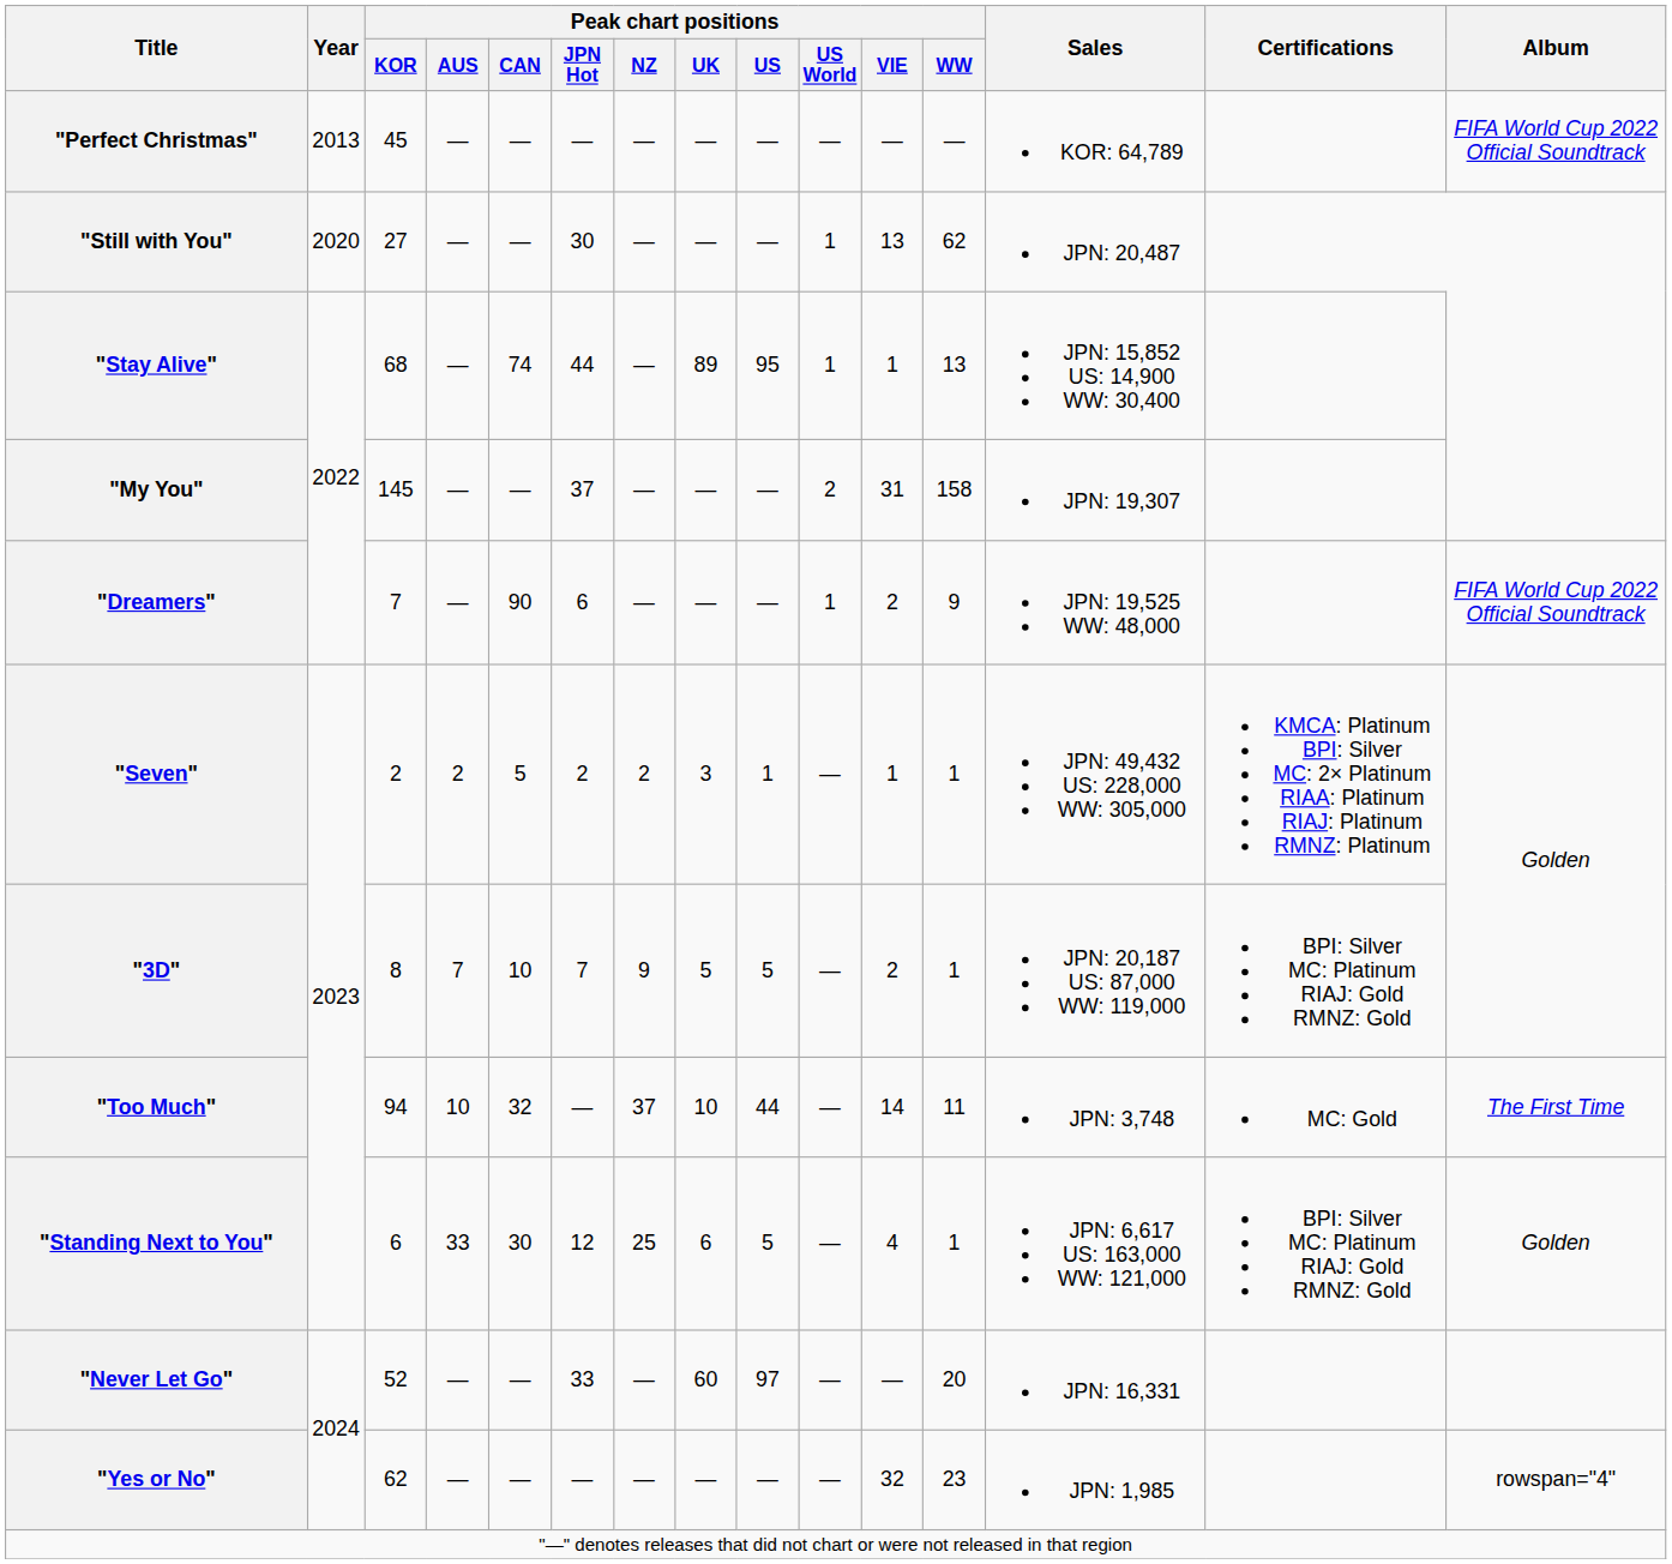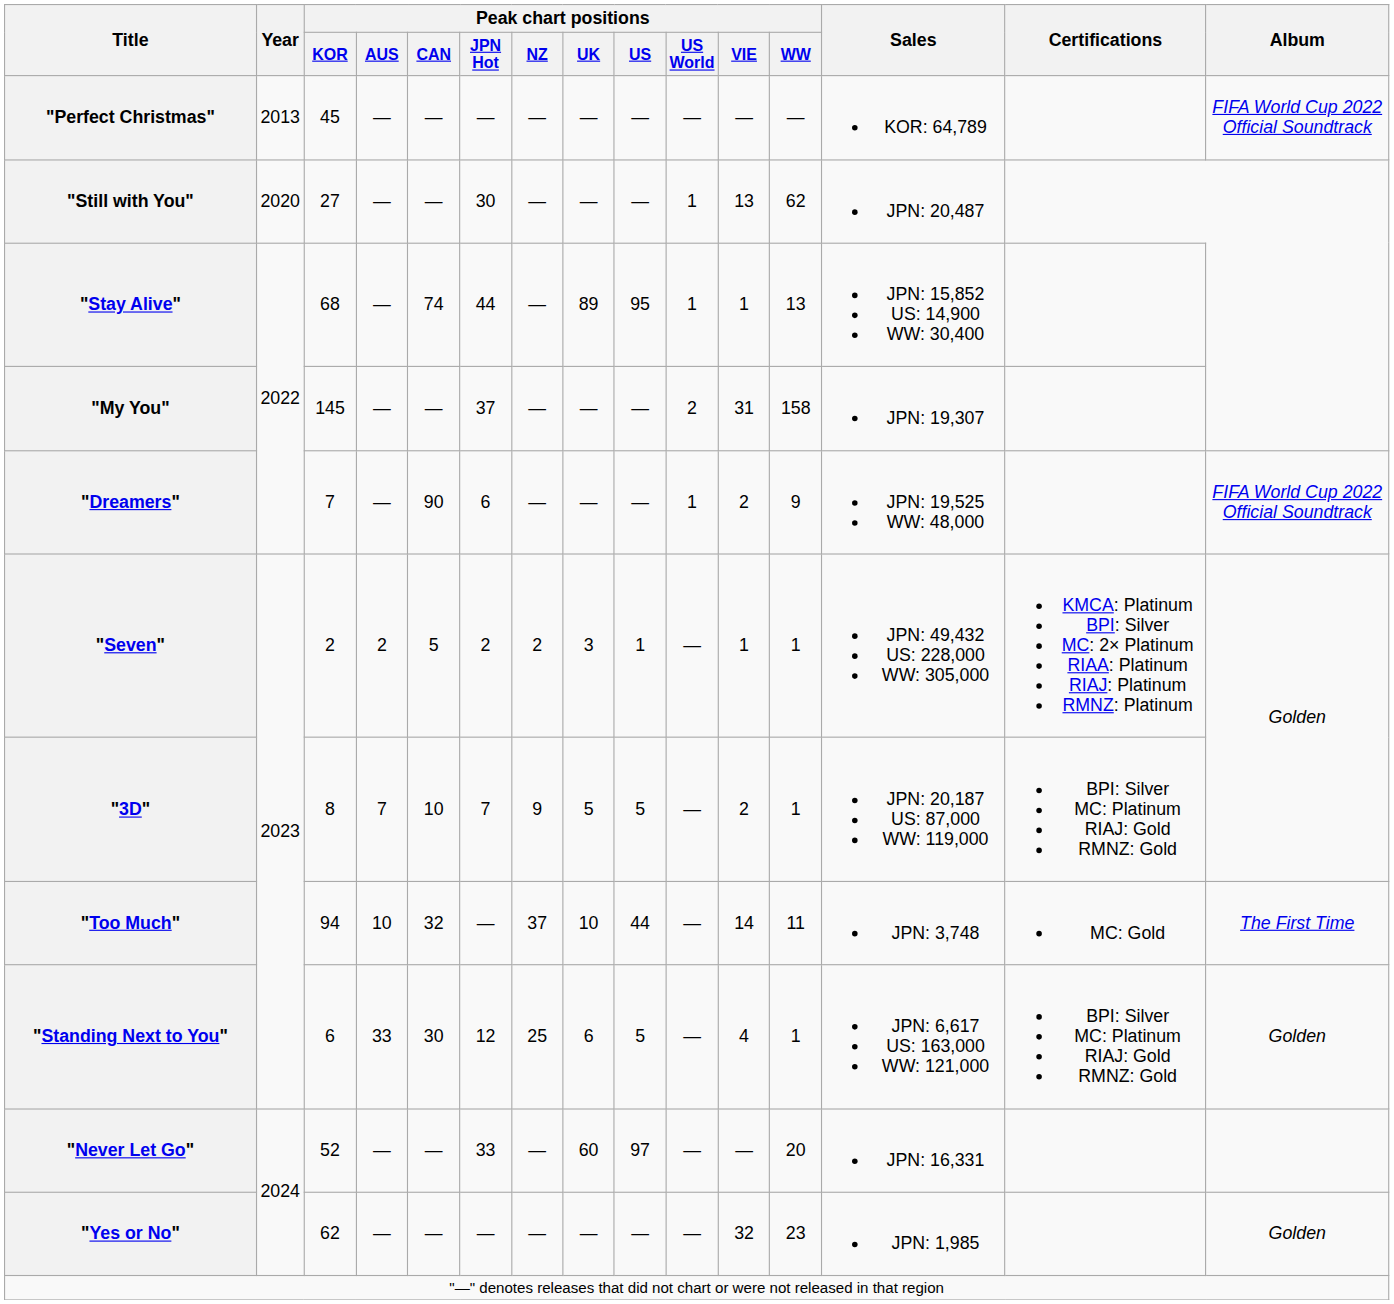 <table class="wikitable plainrowheaders" style="text-align:center;" border="1">
 <tr>
 <th scope="col" rowspan="2" style="width:14em;">Title</th>
 <th scope="col" rowspan="2" style="width:1em;">Year</th>
 <th scope="col" colspan="10">Peak chart positions</th>
 <th scope="col" rowspan="2" style="width:10em;">Sales</th>
 <th scope="col" rowspan="2" style="width:11em;">Certifications</th>
 <th scope="col" rowspan="2" style="width:10em;">Album</th>
 </tr>
 <tr>
 <th scope="col" style="width:2.8em;font-size:90%;"><a href='#'>KOR</a><br></th>
 <th scope="col" style="width:2.8em;font-size:90%;"><a href='#'>AUS</a><br></th>
 <th scope="col" style="width:2.8em;font-size:90%;"><a href='#'>CAN</a><br></th>
 <th scope="col" style="width:2.8em;font-size:90%;"><a href='#'>JPN<br>Hot</a><br></th>
 <th scope="col" style="width:2.8em;font-size:90%;"><a href='#'>NZ</a><br></th>
 <th scope="col" style="width:2.8em;font-size:90%;"><a href='#'>UK</a><br></th>
 <th scope="col" style="width:2.8em;font-size:90%;"><a href='#'>US</a><br></th>
 <th scope="col" style="width:2.8em;font-size:90%;"><a href='#'>US World</a><br></th>
 <th scope=col style="width:2.8em;font-size:90%;"><a href='#'>VIE</a><br></th>
 <th scope="col" style="width:2.8em;font-size:90%;"><a href='#'>WW</a><br></th>
 </tr>
 <tr>
 <th scope="row">"Perfect Christmas"<br></th>
 <td>2013</td>
 <td>45</td>
 <td>—</td>
 <td>—</td>
 <td>—</td>
 <td>—</td>
 <td>—</td>
 <td>—</td>
 <td>—</td>
 <td>—</td>
 <td>—</td>
 <td><br><ul><li>KOR: 64,789</li></ul></td>
 <td></td>
 <td><em><a href='#'>FIFA World Cup 2022 Official Soundtrack</a></em></td>
 </tr>
 <tr>
 <th scope="row">"Still with You"</th>
 <td>2020</td>
 <td>27</td>
 <td>—</td>
 <td>—</td>
 <td>30</td>
 <td>—</td>
 <td>—</td>
 <td>—</td>
 <td>1</td>
 <td>13</td>
 <td>62</td>
 <td><br><ul><li>JPN: 20,487</li></ul></td>
 </tr>
 <tr>
 <th scope="row">"<a href='#'>Stay Alive</a>"</th>
 <td rowspan="3">2022</td>
 <td>68</td>
 <td>—</td>
 <td>74</td>
 <td>44</td>
 <td>—</td>
 <td>89</td>
 <td>95</td>
 <td>1</td>
 <td>1</td>
 <td>13</td>
 <td><br><ul><li>JPN: 15,852</li><li>US: 14,900</li><li>WW: 30,400</li></ul></td>
 <td></td>
 </tr>
 <tr>
 <th scope="row">"My You"</th>
 <td>145</td>
 <td>—</td>
 <td>—</td>
 <td>37</td>
 <td>—</td>
 <td>—</td>
 <td>—</td>
 <td>2</td>
 <td>31</td>
 <td>158</td>
 <td><br><ul><li>JPN: 19,307</li></ul></td>
 <td></td>
 </tr>
 <tr>
 <th scope="row">"<a href='#'>Dreamers</a>"</th>
 <td>7</td>
 <td>—</td>
 <td>90</td>
 <td>6</td>
 <td>—</td>
 <td>—</td>
 <td>—</td>
 <td>1</td>
 <td>2</td>
 <td>9</td>
 <td><br><ul><li>JPN: 19,525</li><li>WW: 48,000</li></ul></td>
 <td></td>
 <td><em><a href='#'>FIFA World Cup 2022 Official Soundtrack</a></em></td>
 </tr>
 <tr>
 <th scope="row">"<a href='#'>Seven</a>"<br></th>
 <td rowspan="4">2023</td>
 <td>2</td>
 <td>2</td>
 <td>5</td>
 <td>2</td>
 <td>2</td>
 <td>3</td>
 <td>1</td>
 <td>—</td>
 <td>1</td>
 <td>1</td>
 <td><br><ul><li>JPN: 49,432</li><li>US: 228,000</li><li>WW: 305,000</li></ul></td>
 <td><br><ul><li><a href='#'>KMCA</a>: Platinum</li><li><a href='#'>BPI</a>: Silver</li><li><a href='#'>MC</a>: 2× Platinum</li><li><a href='#'>RIAA</a>: Platinum</li><li><a href='#'>RIAJ</a>: Platinum</li><li><a href='#'>RMNZ</a>: Platinum</li></ul></td>
 <td rowspan="2"><em>Golden</em></td>
 </tr>
 <tr>
 <th scope="row">"<a href='#'>3D</a>"<br></th>
 <td>8</td>
 <td>7</td>
 <td>10</td>
 <td>7</td>
 <td>9</td>
 <td>5</td>
 <td>5</td>
 <td>—</td>
 <td>2</td>
 <td>1</td>
 <td><br><ul><li>JPN: 20,187</li><li>US: 87,000</li><li>WW: 119,000</li></ul></td>
 <td><br><ul><li>BPI: Silver</li><li>MC: Platinum</li><li>RIAJ: Gold</li><li>RMNZ: Gold</li></ul></td>
 </tr>
 <tr>
 <th scope="row">"<a href='#'>Too Much</a>"<br></th>
 <td>94</td>
 <td>10</td>
 <td>32</td>
 <td>—</td>
 <td>37</td>
 <td>10</td>
 <td>44</td>
 <td>—</td>
 <td>14</td>
 <td>11</td>
 <td><br><ul><li>JPN: 3,748</li></ul></td>
 <td><br><ul><li>MC: Gold</li></ul></td>
 <td><em><a href='#'>The First Time</a></em></td>
 </tr>
 <tr>
 <th scope="row">"<a href='#'>Standing Next to You</a>"</th>
 <td>6</td>
 <td>33</td>
 <td>30</td>
 <td>12</td>
 <td>25</td>
 <td>6</td>
 <td>5</td>
 <td>—</td>
 <td>4</td>
 <td>1</td>
 <td><br><ul><li>JPN: 6,617</li><li>US: 163,000</li><li>WW: 121,000</li></ul></td>
 <td><br><ul><li>BPI: Silver</li><li>MC: Platinum</li><li>RIAJ: Gold</li><li>RMNZ: Gold</li></ul></td>
 <td><em>Golden</em></td>
 </tr>
 <tr>
 <th scope="row">"<a href='#'>Never Let Go</a>"</th>
 <td rowspan="2">2024</td>
 <td>52</td>
 <td>—</td>
 <td>—</td>
 <td>33</td>
 <td>—</td>
 <td>60</td>
 <td>97</td>
 <td>—</td>
 <td>—</td>
 <td>20</td>
 <td><br><ul><li>JPN: 16,331</li></ul></td>
 <td></td>
 <td></td>
 </tr>
 <tr>
 <th scope="row">"<a href='#'>Yes or No</a>"</th>
 <td>62</td>
 <td>—</td>
 <td>—</td>
 <td>—</td>
 <td>—</td>
 <td>—</td>
 <td>—</td>
 <td>—</td>
 <td>32</td>
 <td>23</td>
 <td><br><ul><li>JPN: 1,985</li></ul></td>
 <td></td>
-<td>rowspan="4" </td>
+<td><em>Golden</em></td>
 </tr>
 <tr>
 <td colspan="15" style="font-size:85%">"—" denotes releases that did not chart or were not released in that region</td>
 </tr>
 </table>
